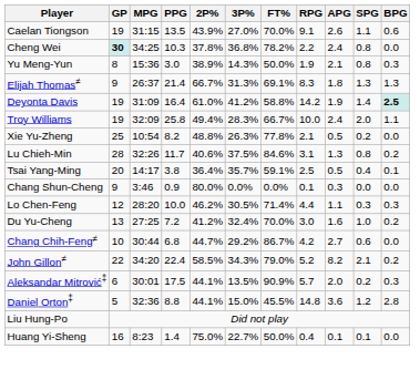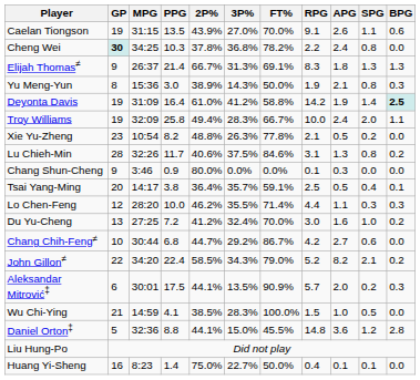 <table class="wikitable">
 <tr>
 <th>Player</th>
 <th>GP</th>
 <th>MPG</th>
 <th>PPG</th>
 <th>2P%</th>
 <th>3P%</th>
 <th>FT%</th>
 <th>RPG</th>
 <th>APG</th>
 <th>SPG</th>
 <th>BPG</th>
 </tr>
 <tr>
 <td>Caelan Tiongson</td>
 <td>19</td>
 <td>31:15</td>
 <td>13.5</td>
 <td>43.9%</td>
 <td>27.0%</td>
 <td>70.0%</td>
 <td>9.1</td>
 <td>2.6</td>
 <td>1.1</td>
 <td>0.6</td>
 </tr>
 <tr>
 <td>Cheng Wei</td>
 <td style="background-color: #CFECEC"><strong>30</strong></td>
 <td>34:25</td>
 <td>10.3</td>
 <td>37.8%</td>
 <td>36.8%</td>
 <td>78.2%</td>
 <td>2.2</td>
 <td>2.4</td>
 <td>0.8</td>
 <td>0.0</td>
 </tr>
 <tr>
+<td><a href='#'>Elijah Thomas</a><sup>≠</sup></td>
+<td>9</td>
+<td>26:37</td>
+<td>21.4</td>
+<td>66.7%</td>
+<td>31.3%</td>
+<td>69.1%</td>
+<td>8.3</td>
+<td>1.8</td>
+<td>1.3</td>
+<td>1.3</td>
+</tr>
+<tr>
 <td>Yu Meng-Yun</td>
 <td>8</td>
 <td>15:36</td>
 <td>3.0</td>
 <td>38.9%</td>
 <td>14.3%</td>
 <td>50.0%</td>
 <td>1.9</td>
 <td>2.1</td>
 <td>0.8</td>
 <td>0.3</td>
-</tr>
-<tr>
-<td><a href='#'>Elijah Thomas</a><sup>≠</sup></td>
-<td>9</td>
-<td>26:37</td>
-<td>21.4</td>
-<td>66.7%</td>
-<td>31.3%</td>
-<td>69.1%</td>
-<td>8.3</td>
-<td>1.8</td>
-<td>1.3</td>
-<td>1.3</td>
 </tr>
 <tr>
 <td><a href='#'>Deyonta Davis</a></td>
 <td>19</td>
 <td>31:09</td>
 <td>16.4</td>
 <td>61.0%</td>
 <td>41.2%</td>
 <td>58.8%</td>
 <td>14.2</td>
 <td>1.9</td>
 <td>1.4</td>
 <td style="background-color: #CFECEC"><strong>2.5</strong></td>
 </tr>
 <tr>
 <td><a href='#'>Troy Williams</a></td>
 <td>19</td>
 <td>32:09</td>
 <td>25.8</td>
 <td>49.4%</td>
 <td>28.3%</td>
 <td>66.7%</td>
 <td>10.0</td>
 <td>2.4</td>
 <td>2.0</td>
 <td>1.1</td>
 </tr>
 <tr>
 <td>Xie Yu-Zheng</td>
-<td>25</td>
+<td>23</td>
 <td>10:54</td>
 <td>8.2</td>
 <td>48.8%</td>
 <td>26.3%</td>
 <td>77.8%</td>
 <td>2.1</td>
 <td>0.5</td>
 <td>0.2</td>
 <td>0.0</td>
 </tr>
 <tr>
 <td>Lu Chieh-Min</td>
 <td>28</td>
 <td>32:26</td>
 <td>11.7</td>
 <td>40.6%</td>
 <td>37.5%</td>
 <td>84.6%</td>
 <td>3.1</td>
 <td>1.3</td>
 <td>0.8</td>
 <td>0.2</td>
 </tr>
 <tr>
+<td>Chang Shun-Cheng</td>
+<td>9</td>
+<td>3:46</td>
+<td>0.9</td>
+<td>80.0%</td>
+<td>0.0%</td>
+<td>0.0%</td>
+<td>0.1</td>
+<td>0.3</td>
+<td>0.0</td>
+<td>0.0</td>
+</tr>
+<tr>
 <td>Tsai Yang-Ming</td>
 <td>20</td>
 <td>14:17</td>
 <td>3.8</td>
 <td>36.4%</td>
 <td>35.7%</td>
 <td>59.1%</td>
 <td>2.5</td>
 <td>0.5</td>
 <td>0.4</td>
 <td>0.1</td>
 </tr>
 <tr>
-<td>Chang Shun-Cheng</td>
-<td>9</td>
-<td>3:46</td>
-<td>0.9</td>
-<td>80.0%</td>
-<td>0.0%</td>
-<td>0.0%</td>
-<td>0.1</td>
-<td>0.3</td>
-<td>0.0</td>
-<td>0.0</td>
-</tr>
-<tr>
 <td>Lo Chen-Feng</td>
 <td>12</td>
 <td>28:20</td>
 <td>10.0</td>
 <td>46.2%</td>
-<td>30.5%</td>
+<td>35.5%</td>
 <td>71.4%</td>
 <td>4.4</td>
 <td>1.1</td>
 <td>0.3</td>
 <td>0.3</td>
 </tr>
 <tr>
 <td>Du Yu-Cheng</td>
 <td>13</td>
 <td>27:25</td>
 <td>7.2</td>
 <td>41.2%</td>
 <td>32.4%</td>
 <td>70.0%</td>
 <td>3.0</td>
 <td>1.6</td>
 <td>1.0</td>
 <td>0.2</td>
 </tr>
 <tr>
 <td><a href='#'>Chang Chih-Feng</a><sup>≠</sup></td>
 <td>10</td>
 <td>30:44</td>
 <td>6.8</td>
 <td>44.7%</td>
 <td>29.2%</td>
 <td>86.7%</td>
 <td>4.2</td>
 <td>2.7</td>
 <td>0.6</td>
 <td>0.0</td>
 </tr>
 <tr>
 <td><a href='#'>John Gillon</a><sup>≠</sup></td>
 <td>22</td>
 <td>34:20</td>
 <td>22.4</td>
 <td>58.5%</td>
 <td>34.3%</td>
 <td>79.0%</td>
 <td>5.2</td>
 <td>8.2</td>
 <td>2.1</td>
 <td>0.2</td>
 </tr>
 <tr>
 <td><a href='#'>Aleksandar Mitrović</a><sup>‡</sup></td>
 <td>6</td>
 <td>30:01</td>
 <td>17.5</td>
 <td>44.1%</td>
 <td>13.5%</td>
 <td>90.9%</td>
 <td>5.7</td>
 <td>2.0</td>
 <td>0.2</td>
 <td>0.3</td>
 </tr>
 <tr>
+<td>Wu Chi-Ying</td>
+<td>21</td>
+<td>14:59</td>
+<td>4.1</td>
+<td>38.5%</td>
+<td>28.3%</td>
+<td>100.0%</td>
+<td>1.5</td>
+<td>1.0</td>
+<td>0.5</td>
+<td>0.0</td>
+</tr>
+<tr>
 <td><a href='#'>Daniel Orton</a><sup>‡</sup></td>
 <td>5</td>
 <td>32:36</td>
 <td>8.8</td>
 <td>44.1%</td>
 <td>15.0%</td>
 <td>45.5%</td>
 <td>14.8</td>
 <td>3.6</td>
 <td>1.2</td>
 <td>2.8</td>
 </tr>
 <tr>
 <td>Liu Hung-Po</td>
 <td colspan=10 align=center><em>Did not play</em></td>
 </tr>
 <tr>
 <td>Huang Yi-Sheng</td>
 <td>16</td>
 <td>8:23</td>
 <td>1.4</td>
 <td>75.0%</td>
 <td>22.7%</td>
 <td>50.0%</td>
 <td>0.4</td>
 <td>0.1</td>
 <td>0.1</td>
 <td>0.0</td>
 </tr>
 </table>
